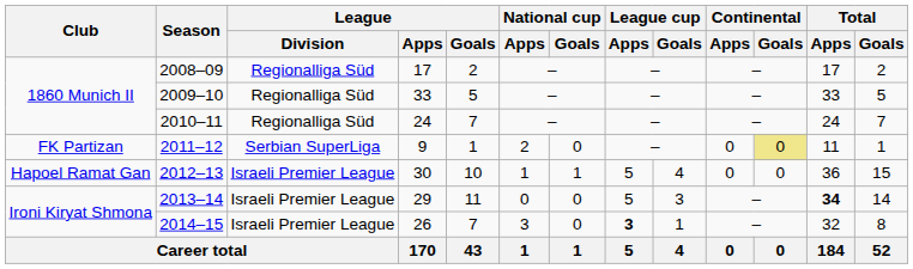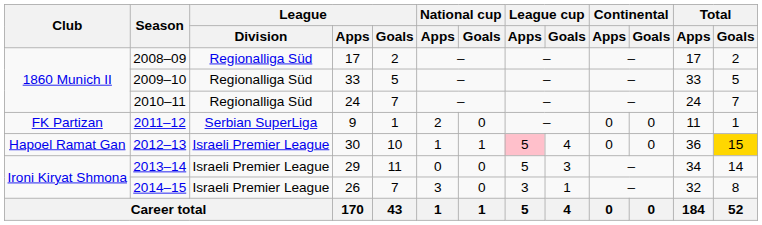 <table class="wikitable" style="text-align:center">
 <tr>
 <th rowspan="2">Club</th>
 <th rowspan="2">Season</th>
 <th colspan="3">League</th>
 <th colspan="2">National cup</th>
 <th colspan="2">League cup</th>
 <th colspan="2">Continental</th>
 <th colspan="2">Total</th>
 </tr>
 <tr>
 <th>Division</th>
 <th>Apps</th>
 <th>Goals</th>
 <th>Apps</th>
 <th>Goals</th>
 <th>Apps</th>
 <th>Goals</th>
 <th>Apps</th>
 <th>Goals</th>
 <th>Apps</th>
 <th>Goals</th>
 </tr>
 <tr>
 <td rowspan="3"><a href='#'>1860 Munich II</a></td>
 <td 2008-09 Regionalliga Süd>2008–09</td>
 <td><a href='#'>Regionalliga Süd</a></td>
 <td>17</td>
 <td>2</td>
 <td colspan="2">–</td>
 <td colspan="2">–</td>
 <td colspan="2">–</td>
 <td>17</td>
 <td>2</td>
 </tr>
 <tr>
 <td 2009-10 Regionalliga Süd>2009–10</td>
 <td>Regionalliga Süd</td>
 <td>33</td>
 <td>5</td>
 <td colspan="2">–</td>
 <td colspan="2">–</td>
 <td colspan="2">–</td>
 <td>33</td>
 <td>5</td>
 </tr>
 <tr>
 <td 2010-11 Regionalliga Süd>2010–11</td>
 <td>Regionalliga Süd</td>
 <td>24</td>
 <td>7</td>
 <td colspan="2">–</td>
 <td colspan="2">–</td>
 <td colspan="2">–</td>
 <td>24</td>
 <td>7</td>
 </tr>
 <tr>
 <td><a href='#'>FK Partizan</a></td>
 <td><a href='#'>2011–12</a></td>
 <td><a href='#'>Serbian SuperLiga</a></td>
 <td>9</td>
 <td>1</td>
 <td>2</td>
 <td>0</td>
 <td colspan="2">–</td>
 <td>0</td>
-<td style="background: khaki;">0</td>
+<td>0</td>
 <td>11</td>
 <td>1</td>
 </tr>
 <tr>
 <td><a href='#'>Hapoel Ramat Gan</a></td>
 <td><a href='#'>2012–13</a></td>
 <td><a href='#'>Israeli Premier League</a></td>
 <td>30</td>
 <td>10</td>
 <td>1</td>
 <td>1</td>
-<td>5</td>
+<td style="background: pink;">5</td>
 <td>4</td>
 <td>0</td>
 <td>0</td>
 <td>36</td>
-<td>15</td>
+<td style="background: gold;">15</td>
 </tr>
 <tr>
 <td rowspan="2"><a href='#'>Ironi Kiryat Shmona</a></td>
 <td><a href='#'>2013–14</a></td>
 <td>Israeli Premier League</td>
 <td>29</td>
 <td>11</td>
 <td>0</td>
 <td>0</td>
 <td>5</td>
 <td>3</td>
 <td colspan="2">–</td>
-<td><strong>34</strong></td>
+<td>34</td>
 <td>14</td>
 </tr>
 <tr>
 <td><a href='#'>2014–15</a></td>
 <td>Israeli Premier League</td>
 <td>26</td>
 <td>7</td>
 <td>3</td>
 <td>0</td>
-<td><strong>3</strong></td>
+<td>3</td>
 <td>1</td>
 <td colspan="2">–</td>
 <td>32</td>
 <td>8</td>
 </tr>
 <tr>
 <th colspan="3">Career total</th>
 <th>170</th>
 <th>43</th>
 <th>1</th>
 <th>1</th>
 <th>5</th>
 <th>4</th>
 <th>0</th>
 <th>0</th>
 <th>184</th>
 <th>52</th>
 </tr>
 </table>
